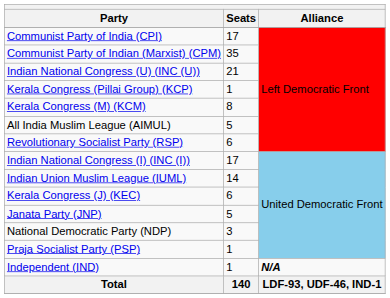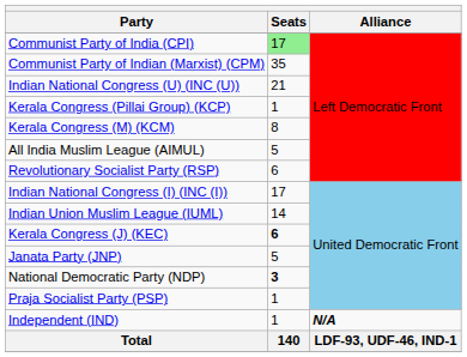 <table class="wikitable sortable">
 <tr>
 <th colspan=10></th>
 </tr>
 <tr>
 <th>Party</th>
 <th>Seats</th>
 <th>Alliance</th>
 </tr>
 <tr --->
 </tr>
 <tr --->
 <td><a href='#'>Communist Party of India (CPI)</a></td>
-<td>17</td>
+<td style="background: lightgreen;">17</td>
 <td rowspan="7" style="background:#f00; color:black;">Left Democratic Front</td>
 </tr>
 <tr --->
 <td><a href='#'>Communist Party of Indian (Marxist) (CPM)</a></td>
 <td>35</td>
 </tr>
 <tr>
 <td><a href='#'>Indian National Congress (U) (INC (U))</a></td>
 <td>21</td>
 </tr>
 <tr --->
 <td><a href='#'>Kerala Congress (Pillai Group) (KCP)</a></td>
 <td>1</td>
 </tr>
 <tr --->
 <td><a href='#'>Kerala Congress (M) (KCM)</a></td>
 <td>8</td>
 </tr>
 <tr --->
 <td>All India Muslim League (AIMUL)</td>
 <td>5</td>
 </tr>
 <tr --->
 <td><a href='#'>Revolutionary Socialist Party (RSP)</a></td>
 <td>6</td>
 </tr>
 <tr --->
 <td><a href='#'>Indian National Congress (I) (INC (I))</a></td>
 <td>17</td>
 <td rowspan="6" style="background:skyblue; color:black;">United Democratic Front</td>
 </tr>
 <tr --->
 <td><a href='#'>Indian Union Muslim League (IUML)</a></td>
 <td>14</td>
 </tr>
 <tr --->
 <td><a href='#'>Kerala Congress (J) (KEC)</a></td>
-<td>6</td>
+<td><strong>6</strong></td>
 </tr>
 <tr --->
 <td><a href='#'>Janata Party (JNP)</a></td>
 <td>5</td>
 </tr>
 <tr --->
 <td>National Democratic Party (NDP)</td>
-<td>3</td>
+<td><strong>3</strong></td>
 </tr>
 <tr>
 <td><a href='#'>Praja Socialist Party (PSP)</a></td>
 <td>1</td>
 </tr>
 <tr --->
 <td><a href='#'>Independent (IND)</a></td>
 <td>1</td>
 <td><strong><em>N/A</em></strong></td>
 </tr>
 <tr --->
 <th>Total</th>
 <th>140</th>
 <th>LDF-93, UDF-46, IND-1</th>
 </tr>
 <tr --->
 </tr>
 </table>
